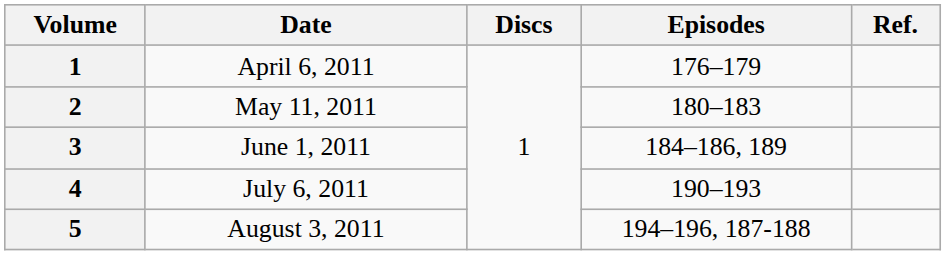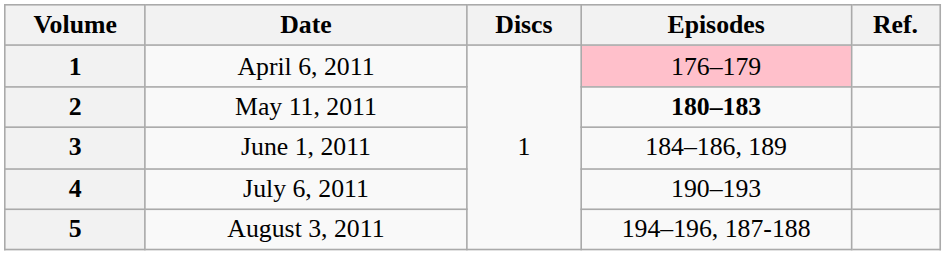 <table class="wikitable" style="text-align:center;">
 <tr>
 <th scope="col" style="width:5em;">Volume</th>
 <th scope="col" style="width:12em;">Date</th>
 <th scope="col" style="width:4em;">Discs</th>
 <th scope="col" style="width:10em;">Episodes</th>
 <th scope="col" style="width:3em;">Ref.</th>
 </tr>
 <tr>
 <th scope="row">1</th>
 <td>April 6, 2011</td>
 <td rowspan="5">1</td>
-<td>176–179</td>
+<td style="background: pink;">176–179</td>
 <td></td>
 </tr>
 <tr>
 <th scope="row">2</th>
 <td>May 11, 2011</td>
-<td>180–183</td>
+<td><strong>180–183</strong></td>
 <td></td>
 </tr>
 <tr>
 <th scope="row">3</th>
 <td>June 1, 2011</td>
 <td>184–186, 189</td>
 <td></td>
 </tr>
 <tr>
 <th scope="row">4</th>
 <td>July 6, 2011</td>
 <td>190–193</td>
 <td></td>
 </tr>
 <tr>
 <th scope="row">5</th>
 <td>August 3, 2011</td>
 <td>194–196, 187-188</td>
 <td></td>
 </tr>
 </table>
